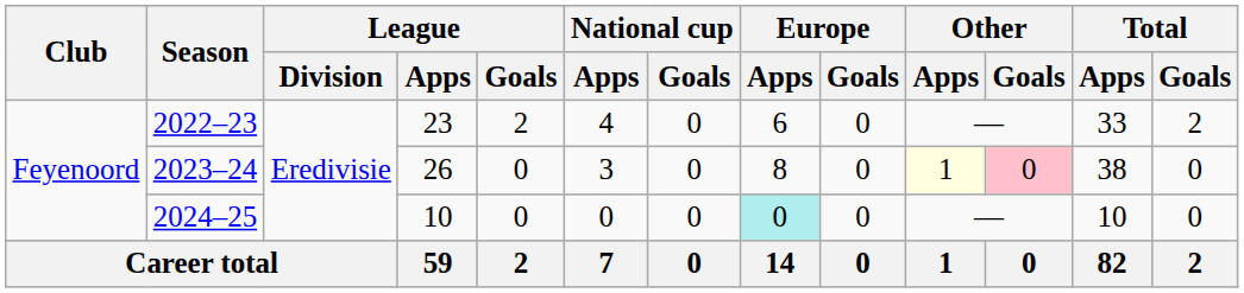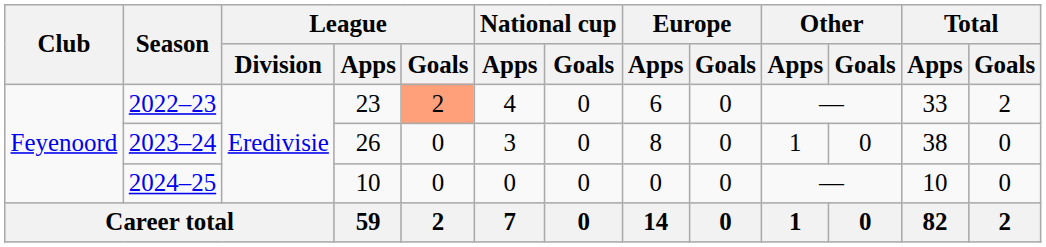 <table class="wikitable" style="text-align:center">
 <tr>
 <th rowspan="2">Club</th>
 <th rowspan="2">Season</th>
 <th colspan="3">League</th>
 <th colspan="2">National cup</th>
 <th colspan="2">Europe</th>
 <th colspan="2">Other</th>
 <th colspan="2">Total</th>
 </tr>
 <tr>
 <th>Division</th>
 <th>Apps</th>
 <th>Goals</th>
 <th>Apps</th>
 <th>Goals</th>
 <th>Apps</th>
 <th>Goals</th>
 <th>Apps</th>
 <th>Goals</th>
 <th>Apps</th>
 <th>Goals</th>
 </tr>
 <tr>
 <td rowspan="3"><a href='#'>Feyenoord</a></td>
 <td><a href='#'>2022–23</a></td>
 <td rowspan="3"><a href='#'>Eredivisie</a></td>
 <td>23</td>
-<td>2</td>
+<td style="background: lightsalmon;">2</td>
 <td>4</td>
 <td>0</td>
 <td>6</td>
 <td>0</td>
 <td colspan="2">—</td>
 <td>33</td>
 <td>2</td>
 </tr>
 <tr>
 <td><a href='#'>2023–24</a></td>
 <td>26</td>
 <td>0</td>
 <td>3</td>
 <td>0</td>
 <td>8</td>
 <td>0</td>
-<td style="background: lightyellow;">1</td>
-<td style="background: pink;">0</td>
+<td>1</td>
+<td>0</td>
 <td>38</td>
 <td>0</td>
 </tr>
 <tr>
 <td><a href='#'>2024–25</a></td>
 <td>10</td>
 <td>0</td>
 <td>0</td>
 <td>0</td>
-<td style="background: paleturquoise;">0</td>
+<td>0</td>
 <td>0</td>
 <td colspan="2">—</td>
 <td>10</td>
 <td>0</td>
 </tr>
 <tr>
 <th colspan="3">Career total</th>
 <th>59</th>
 <th>2</th>
 <th>7</th>
 <th>0</th>
 <th>14</th>
 <th>0</th>
 <th>1</th>
 <th>0</th>
 <th>82</th>
 <th>2</th>
 </tr>
 </table>
